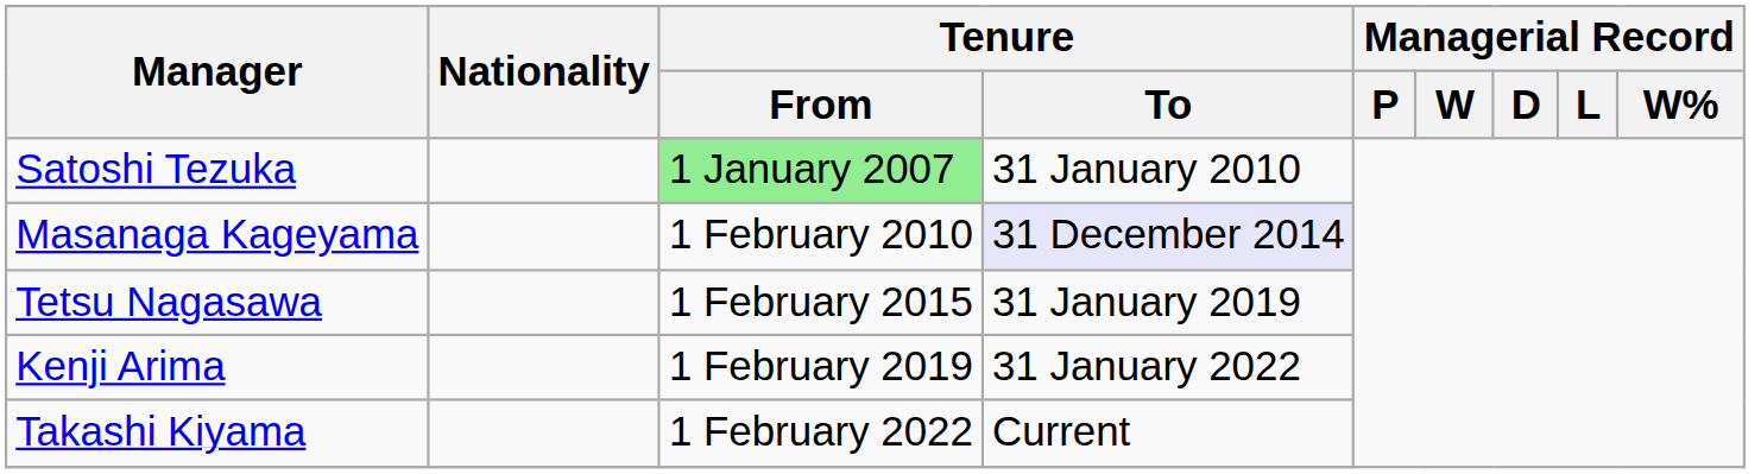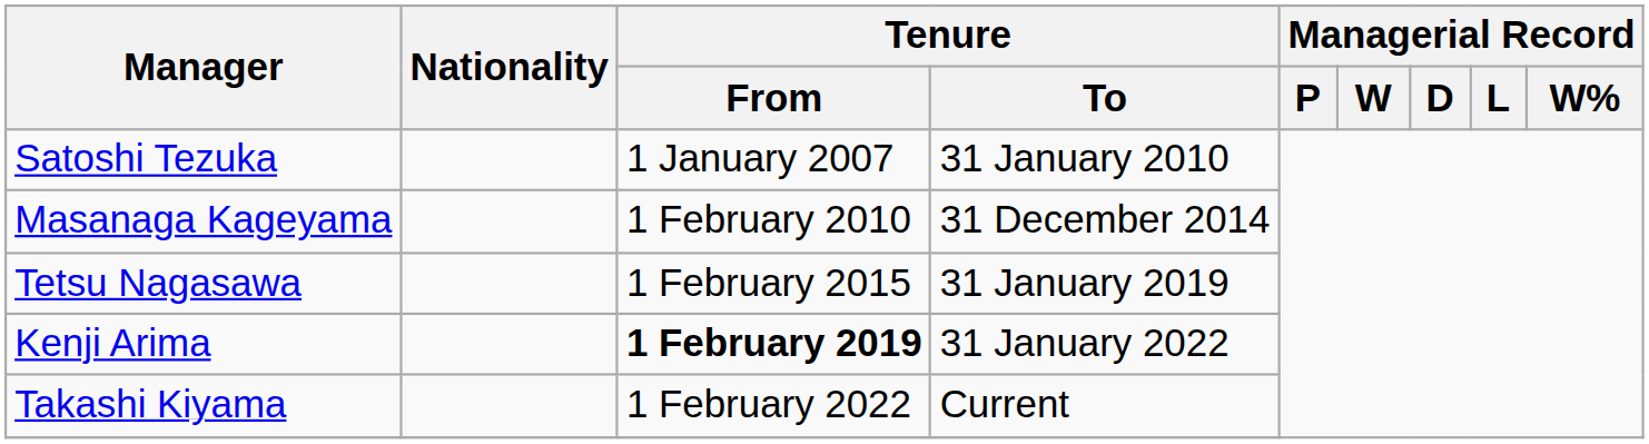 <table class="wikitable">
 <tr>
 <th rowspan="2">Manager</th>
 <th rowspan="2">Nationality</th>
 <th colspan="2">Tenure</th>
 <th colspan="5">Managerial Record</th>
 </tr>
 <tr>
 <th>From</th>
 <th>To</th>
 <th>P</th>
 <th>W</th>
 <th>D</th>
 <th>L</th>
 <th>W%</th>
 </tr>
 <tr>
 <td><a href='#'>Satoshi Tezuka</a></td>
 <td></td>
-<td style="background: lightgreen;">1 January 2007</td>
+<td>1 January 2007</td>
 <td>31 January 2010<br></td>
 </tr>
 <tr>
 <td><a href='#'>Masanaga Kageyama</a></td>
 <td></td>
 <td>1 February 2010</td>
-<td style="background: lavender;">31 December 2014<br></td>
+<td>31 December 2014<br></td>
 </tr>
 <tr>
 <td><a href='#'>Tetsu Nagasawa</a></td>
 <td></td>
 <td>1 February 2015</td>
 <td>31 January 2019<br></td>
 </tr>
 <tr>
 <td><a href='#'>Kenji Arima</a></td>
 <td></td>
-<td>1 February 2019</td>
+<td><strong>1 February 2019</strong></td>
 <td>31 January 2022<br></td>
 </tr>
 <tr>
 <td><a href='#'>Takashi Kiyama</a></td>
 <td></td>
 <td>1 February 2022</td>
 <td>Current<br></td>
 </tr>
 <tr>
 </tr>
 </table>
